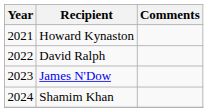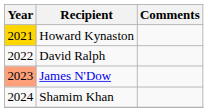 <table class="wikitable">
 <tr>
 <th>Year</th>
 <th>Recipient</th>
 <th>Comments</th>
 </tr>
 <tr>
-<td>2021</td>
+<td style="background: gold;">2021</td>
 <td>Howard Kynaston</td>
 <td></td>
 </tr>
 <tr>
 <td>2022</td>
 <td>David Ralph</td>
 <td></td>
 </tr>
 <tr>
-<td>2023</td>
+<td style="background: lightsalmon;">2023</td>
 <td><a href='#'>James N'Dow</a></td>
 <td></td>
 </tr>
 <tr>
 <td>2024</td>
 <td>Shamim Khan</td>
 <td></td>
 </tr>
 <tr>
 </tr>
 </table>
